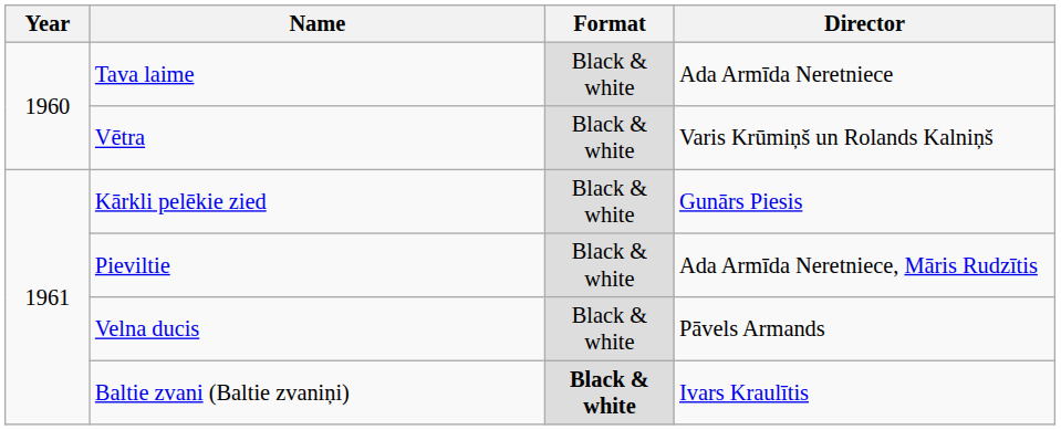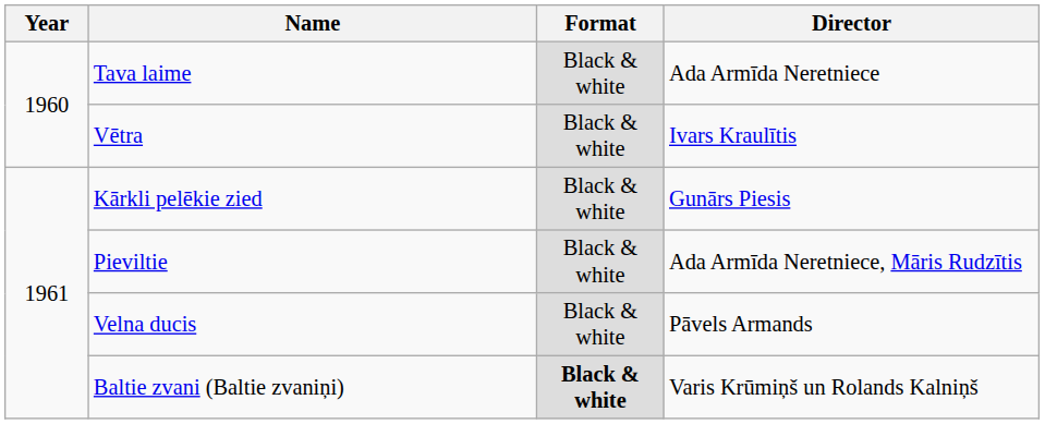 <table class="wikitable" style="font-size:95%;">
 <tr>
 <th width="50">Year</th>
 <th width="300">Name</th>
 <th width="80">Format</th>
 <th width="250">Director</th>
 </tr>
 <tr>
 <td align="center" rowspan="2">1960</td>
 <td><a href='#'>Tava laime</a></td>
 <td align="center" style="background: #DDDDDD;">Black & white</td>
 <td>Ada Armīda Neretniece</td>
 </tr>
 <tr>
 <td><a href='#'>Vētra</a></td>
 <td align="center" style="background: #DDDDDD;">Black & white</td>
-<td>Varis Krūmiņš un Rolands Kalniņš</td>
+<td><a href='#'>Ivars Kraulītis</a></td>
 </tr>
 <tr>
 <td align="center" rowspan="4">1961</td>
 <td><a href='#'>Kārkli pelēkie zied</a></td>
 <td align="center" style="background: #DDDDDD;">Black & white</td>
 <td><a href='#'>Gunārs Piesis</a></td>
 </tr>
 <tr>
 <td><a href='#'>Pieviltie</a></td>
 <td align="center" style="background: #DDDDDD;">Black & white</td>
 <td>Ada Armīda Neretniece, <a href='#'>Māris Rudzītis</a></td>
 </tr>
 <tr>
 <td><a href='#'>Velna ducis</a></td>
 <td align="center" style="background: #DDDDDD;">Black & white</td>
 <td>Pāvels Armands</td>
 </tr>
 <tr>
 <td><a href='#'>Baltie zvani</a> (Baltie zvaniņi)</td>
 <td align="center" style="background: #DDDDDD;"><strong>Black & white</strong></td>
-<td><a href='#'>Ivars Kraulītis</a></td>
+<td>Varis Krūmiņš un Rolands Kalniņš</td>
 </tr>
 </table>
